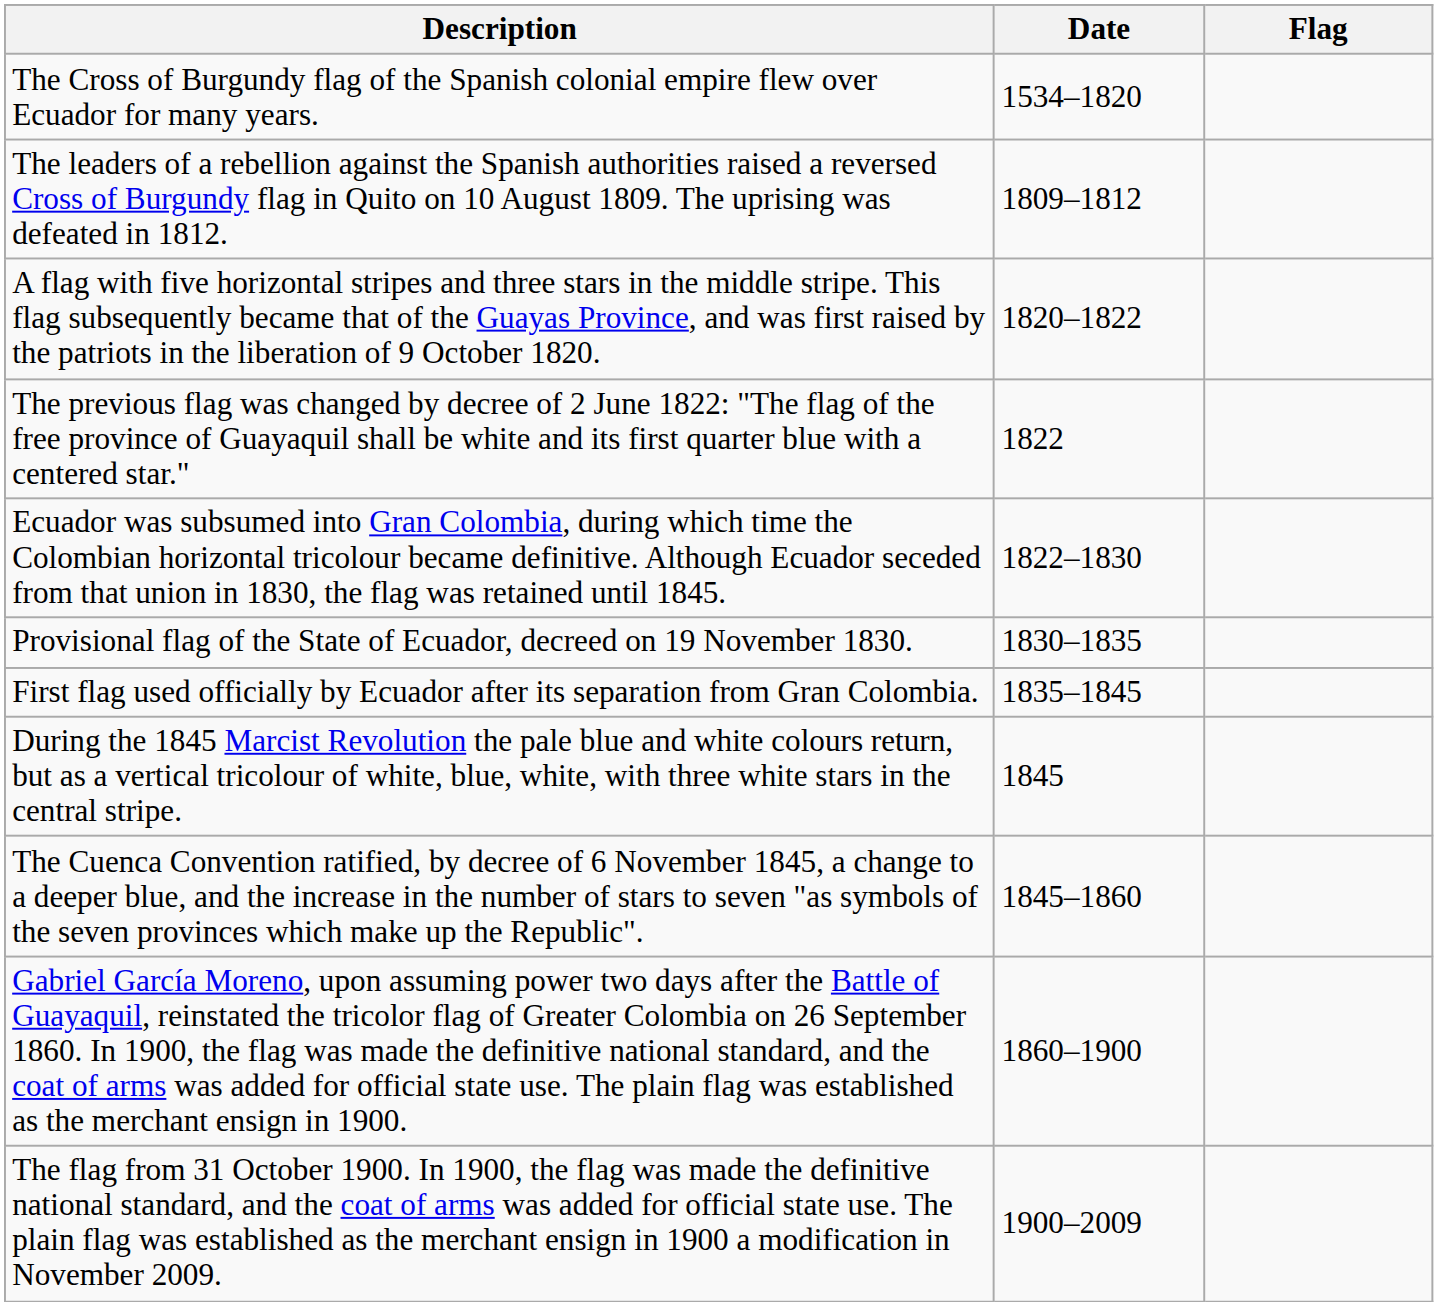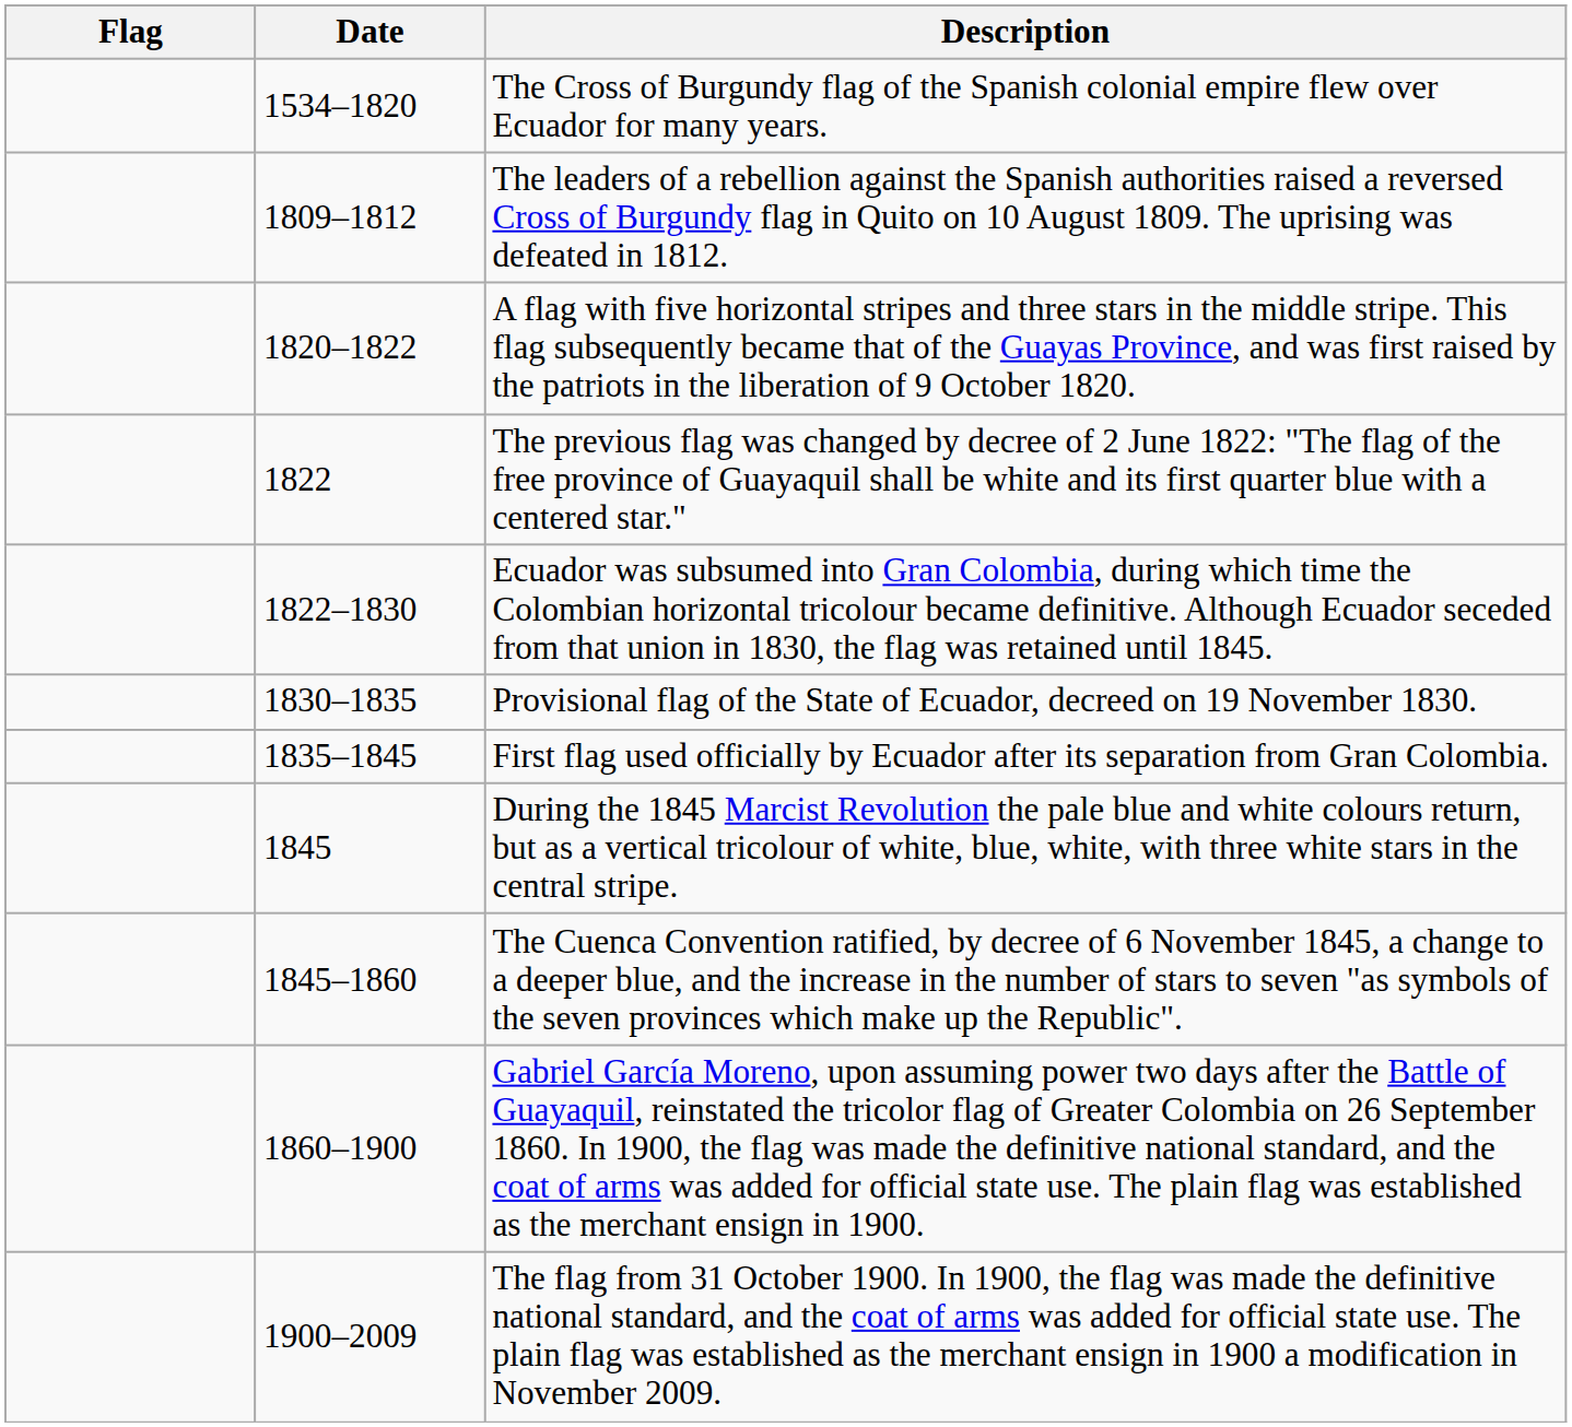 <table class="wikitable">
 <tr>
+<th style="width:110px;">Flag</th>
+<th style="width:100px;">Date</th>
 <th style="width:500px;">Description</th>
-<th style="width:100px;">Date</th>
-<th style="width:110px;">Flag</th>
 </tr>
 <tr>
+<td></td>
+<td>1534–1820</td>
 <td>The Cross of Burgundy flag of the Spanish colonial empire flew over Ecuador for many years.</td>
-<td>1534–1820</td>
-<td></td>
 </tr>
 <tr>
+<td></td>
+<td>1809–1812</td>
 <td>The leaders of a rebellion against the Spanish authorities raised a reversed <a href='#'>Cross of Burgundy</a> flag in Quito on 10 August 1809. The uprising was defeated in 1812.</td>
-<td>1809–1812</td>
-<td></td>
 </tr>
 <tr>
+<td></td>
+<td>1820–1822</td>
 <td>A flag with five horizontal stripes and three stars in the middle stripe. This flag subsequently became that of the <a href='#'>Guayas Province</a>, and was first raised by the patriots in the liberation of 9 October 1820.</td>
-<td>1820–1822</td>
-<td></td>
 </tr>
 <tr>
+<td></td>
+<td>1822</td>
 <td>The previous flag was changed by decree of 2 June 1822: "The flag of the free province of Guayaquil shall be white and its first quarter blue with a centered star."</td>
-<td>1822</td>
-<td></td>
 </tr>
 <tr>
+<td></td>
+<td>1822–1830</td>
 <td>Ecuador was subsumed into <a href='#'>Gran Colombia</a>, during which time the Colombian horizontal tricolour became definitive. Although Ecuador seceded from that union in 1830, the flag was retained until 1845.</td>
-<td>1822–1830</td>
-<td></td>
 </tr>
 <tr>
+<td></td>
+<td>1830–1835</td>
 <td>Provisional flag of the State of Ecuador, decreed on 19 November 1830.</td>
-<td>1830–1835</td>
-<td></td>
 </tr>
 <tr>
+<td></td>
+<td>1835–1845</td>
 <td>First flag used officially by Ecuador after its separation from Gran Colombia.</td>
-<td>1835–1845</td>
-<td></td>
 </tr>
 <tr>
+<td></td>
+<td>1845</td>
 <td>During the 1845 <a href='#'>Marcist Revolution</a> the pale blue and white colours return, but as a vertical tricolour of white, blue, white, with three white stars in the central stripe.</td>
-<td>1845</td>
-<td></td>
 </tr>
 <tr>
+<td></td>
+<td>1845–1860</td>
 <td>The Cuenca Convention ratified, by decree of 6 November 1845, a change to a deeper blue, and the increase in the number of stars to seven "as symbols of the seven provinces which make up the Republic".</td>
-<td>1845–1860</td>
-<td></td>
 </tr>
 <tr>
+<td></td>
+<td>1860–1900</td>
 <td><a href='#'>Gabriel García Moreno</a>, upon assuming power two days after the <a href='#'>Battle of Guayaquil</a>, reinstated the tricolor flag of Greater Colombia on 26 September 1860. In 1900, the flag was made the definitive national standard, and the <a href='#'>coat of arms</a> was added for official state use. The plain flag was established as the merchant ensign in 1900.</td>
-<td>1860–1900</td>
-<td></td>
 </tr>
 <tr>
+<td></td>
+<td>1900–2009</td>
 <td>The flag from 31 October 1900. In 1900, the flag was made the definitive national standard, and the <a href='#'>coat of arms</a> was added for official state use. The plain flag was established as the merchant ensign in 1900 a modification in November 2009.</td>
-<td>1900–2009</td>
-<td></td>
 </tr>
 </table>
